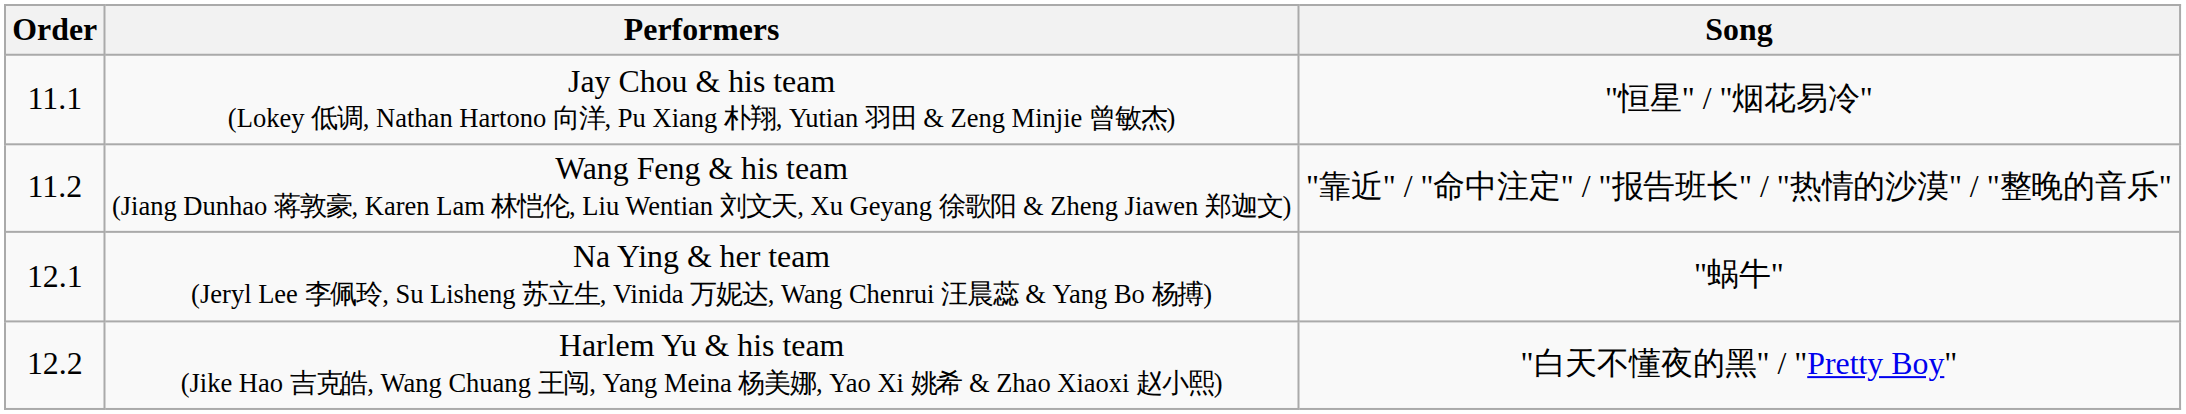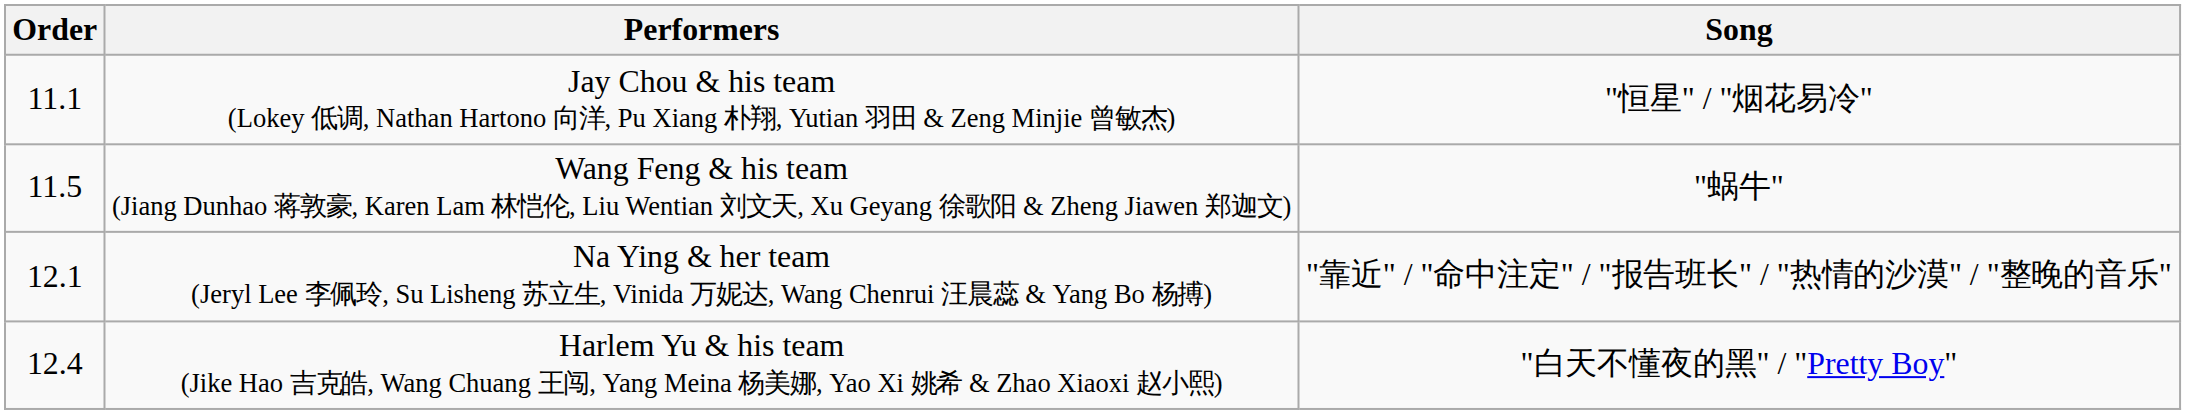 <table class="wikitable" style="text-align:center;">
 <tr>
 <th>Order</th>
 <th>Performers</th>
 <th>Song</th>
 </tr>
 <tr>
 <td>11.1</td>
 <td>Jay Chou & his team <br><small>(Lokey 低调, Nathan Hartono 向洋, Pu Xiang 朴翔, Yutian 羽田 & Zeng Minjie 曾敏杰)</small></td>
 <td>"恒星" / "烟花易冷"</td>
 </tr>
 <tr>
-<td>11.2</td>
+<td>11.5</td>
 <td>Wang Feng & his team <br><small>(Jiang Dunhao 蒋敦豪, Karen Lam 林恺伦, Liu Wentian 刘文天, Xu Geyang 徐歌阳 & Zheng Jiawen 郑迦文)</small></td>
-<td>"靠近" / "命中注定" / "报告班长" / "热情的沙漠" / "整晚的音乐"</td>
+<td>"蜗牛"</td>
 </tr>
 <tr>
 <td>12.1</td>
 <td>Na Ying & her team <br><small>(Jeryl Lee 李佩玲, Su Lisheng 苏立生, Vinida 万妮达, Wang Chenrui 汪晨蕊 & Yang Bo 杨搏)</small></td>
-<td>"蜗牛"</td>
+<td>"靠近" / "命中注定" / "报告班长" / "热情的沙漠" / "整晚的音乐"</td>
 </tr>
 <tr>
-<td>12.2</td>
+<td>12.4</td>
 <td>Harlem Yu & his team <br><small>(Jike Hao 吉克皓, Wang Chuang 王闯, Yang Meina 杨美娜, Yao Xi 姚希 & Zhao Xiaoxi 赵小熙)</small></td>
 <td>"白天不懂夜的黑" / "<a href='#'>Pretty Boy</a>"</td>
 </tr>
 </table>
